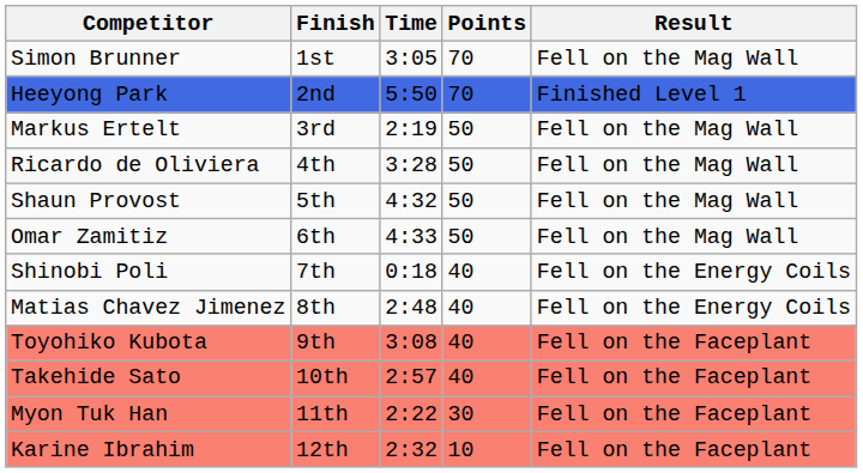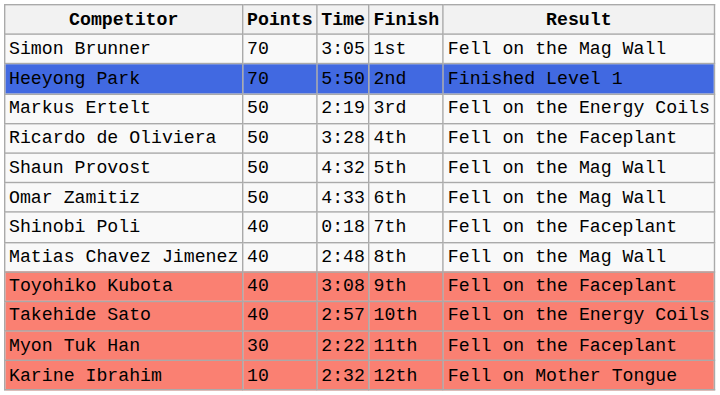 <table class="wikitable sortable">
 <tr>
 <th nowrap="nowrap">Competitor</th>
+<th>Points</th>
+<th>Time</th>
 <th>Finish</th>
-<th>Time</th>
-<th>Points</th>
 <th>Result</th>
 </tr>
 <tr>
 <td> Simon Brunner</td>
+<td>70</td>
+<td>3:05</td>
 <td>1st</td>
-<td>3:05</td>
-<td>70</td>
 <td>Fell on the Mag Wall</td>
 </tr>
 <tr style="background:royalblue;">
 <td> Heeyong Park</td>
+<td>70</td>
+<td>5:50</td>
 <td>2nd</td>
-<td>5:50</td>
-<td>70</td>
 <td>Finished Level 1</td>
 </tr>
 <tr>
 <td> Markus Ertelt</td>
+<td>50</td>
+<td>2:19</td>
 <td>3rd</td>
-<td>2:19</td>
-<td>50</td>
-<td>Fell on the Mag Wall</td>
+<td>Fell on the Energy Coils</td>
 </tr>
 <tr>
 <td> Ricardo de Oliviera</td>
+<td>50</td>
+<td>3:28</td>
 <td>4th</td>
-<td>3:28</td>
-<td>50</td>
-<td>Fell on the Mag Wall</td>
+<td>Fell on the Faceplant</td>
 </tr>
 <tr>
 <td> Shaun Provost</td>
+<td>50</td>
+<td>4:32</td>
 <td>5th</td>
-<td>4:32</td>
-<td>50</td>
 <td>Fell on the Mag Wall</td>
 </tr>
 <tr>
 <td> Omar Zamitiz</td>
+<td>50</td>
+<td>4:33</td>
 <td>6th</td>
-<td>4:33</td>
-<td>50</td>
 <td>Fell on the Mag Wall</td>
 </tr>
 <tr>
 <td> Shinobi Poli</td>
+<td>40</td>
+<td>0:18</td>
 <td>7th</td>
-<td>0:18</td>
-<td>40</td>
-<td>Fell on the Energy Coils</td>
+<td>Fell on the Faceplant</td>
 </tr>
 <tr>
 <td> Matias Chavez Jimenez</td>
+<td>40</td>
+<td>2:48</td>
 <td>8th</td>
-<td>2:48</td>
-<td>40</td>
-<td>Fell on the Energy Coils</td>
+<td>Fell on the Mag Wall</td>
 </tr>
 <tr style="background-color:#fa8072">
 <td> Toyohiko Kubota</td>
+<td>40</td>
+<td>3:08</td>
 <td>9th</td>
-<td>3:08</td>
-<td>40</td>
 <td>Fell on the Faceplant</td>
 </tr>
 <tr style="background-color:#fa8072">
 <td> Takehide Sato</td>
+<td>40</td>
+<td>2:57</td>
 <td>10th</td>
-<td>2:57</td>
-<td>40</td>
-<td>Fell on the Faceplant</td>
+<td>Fell on the Energy Coils</td>
 </tr>
 <tr style="background-color:#fa8072">
 <td> Myon Tuk Han</td>
+<td>30</td>
+<td>2:22</td>
 <td>11th</td>
-<td>2:22</td>
-<td>30</td>
 <td>Fell on the Faceplant</td>
 </tr>
 <tr style="background-color:#fa8072">
 <td> Karine Ibrahim</td>
+<td>10</td>
+<td>2:32</td>
 <td>12th</td>
-<td>2:32</td>
-<td>10</td>
-<td>Fell on the Faceplant</td>
+<td>Fell on Mother Tongue</td>
 </tr>
 </table>
